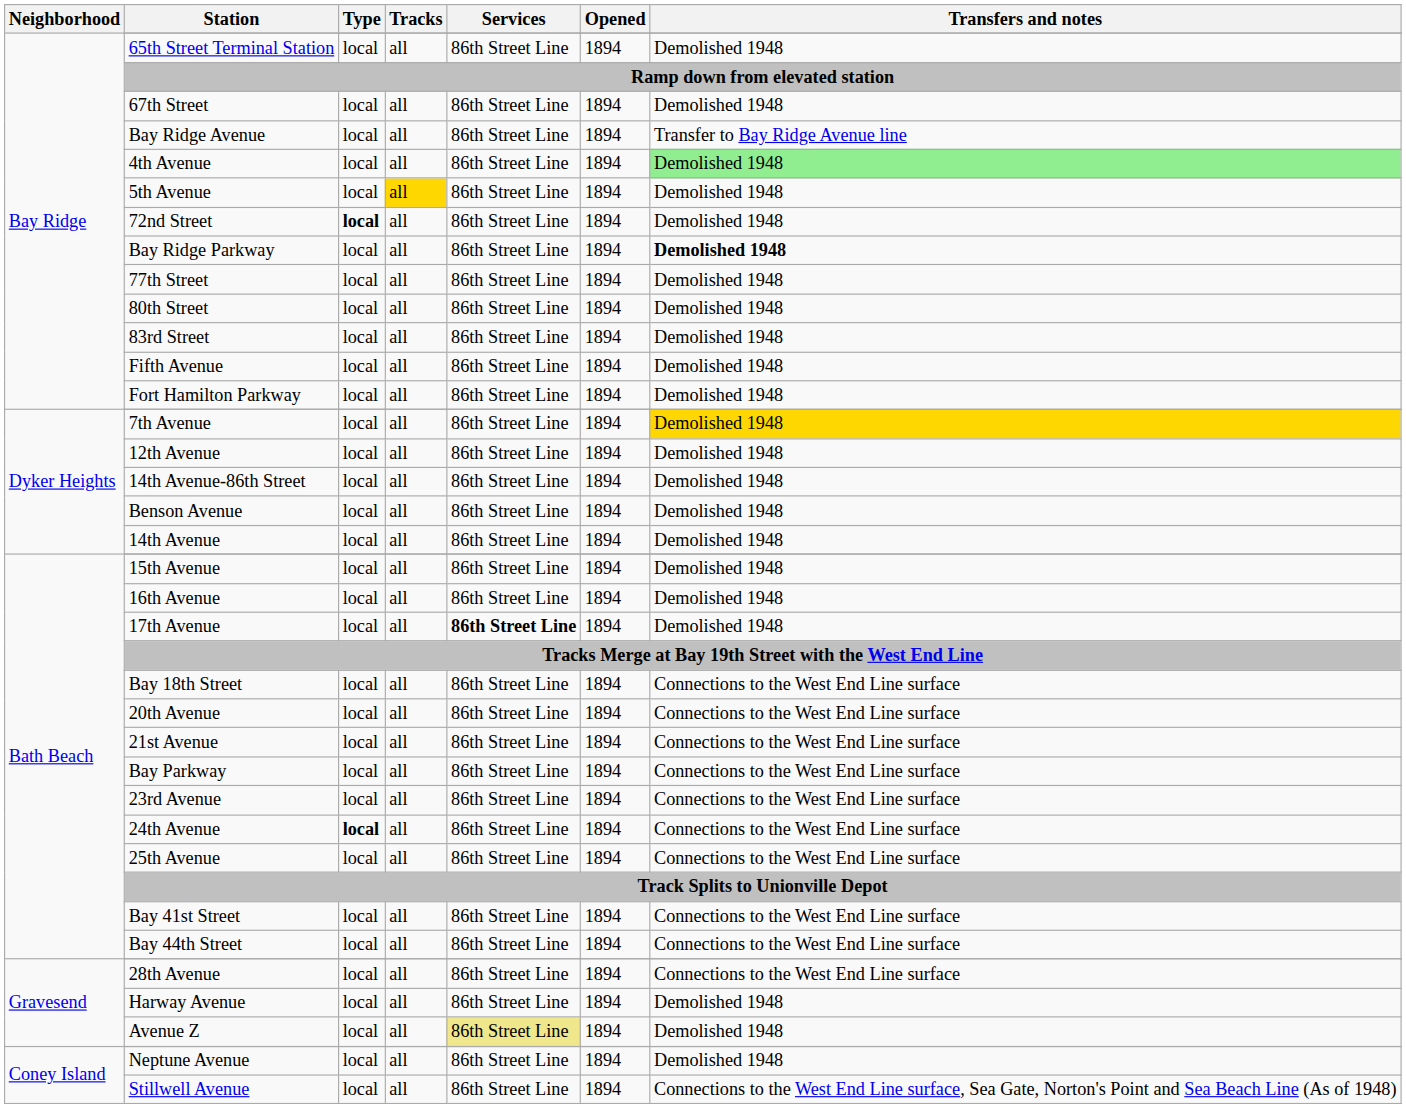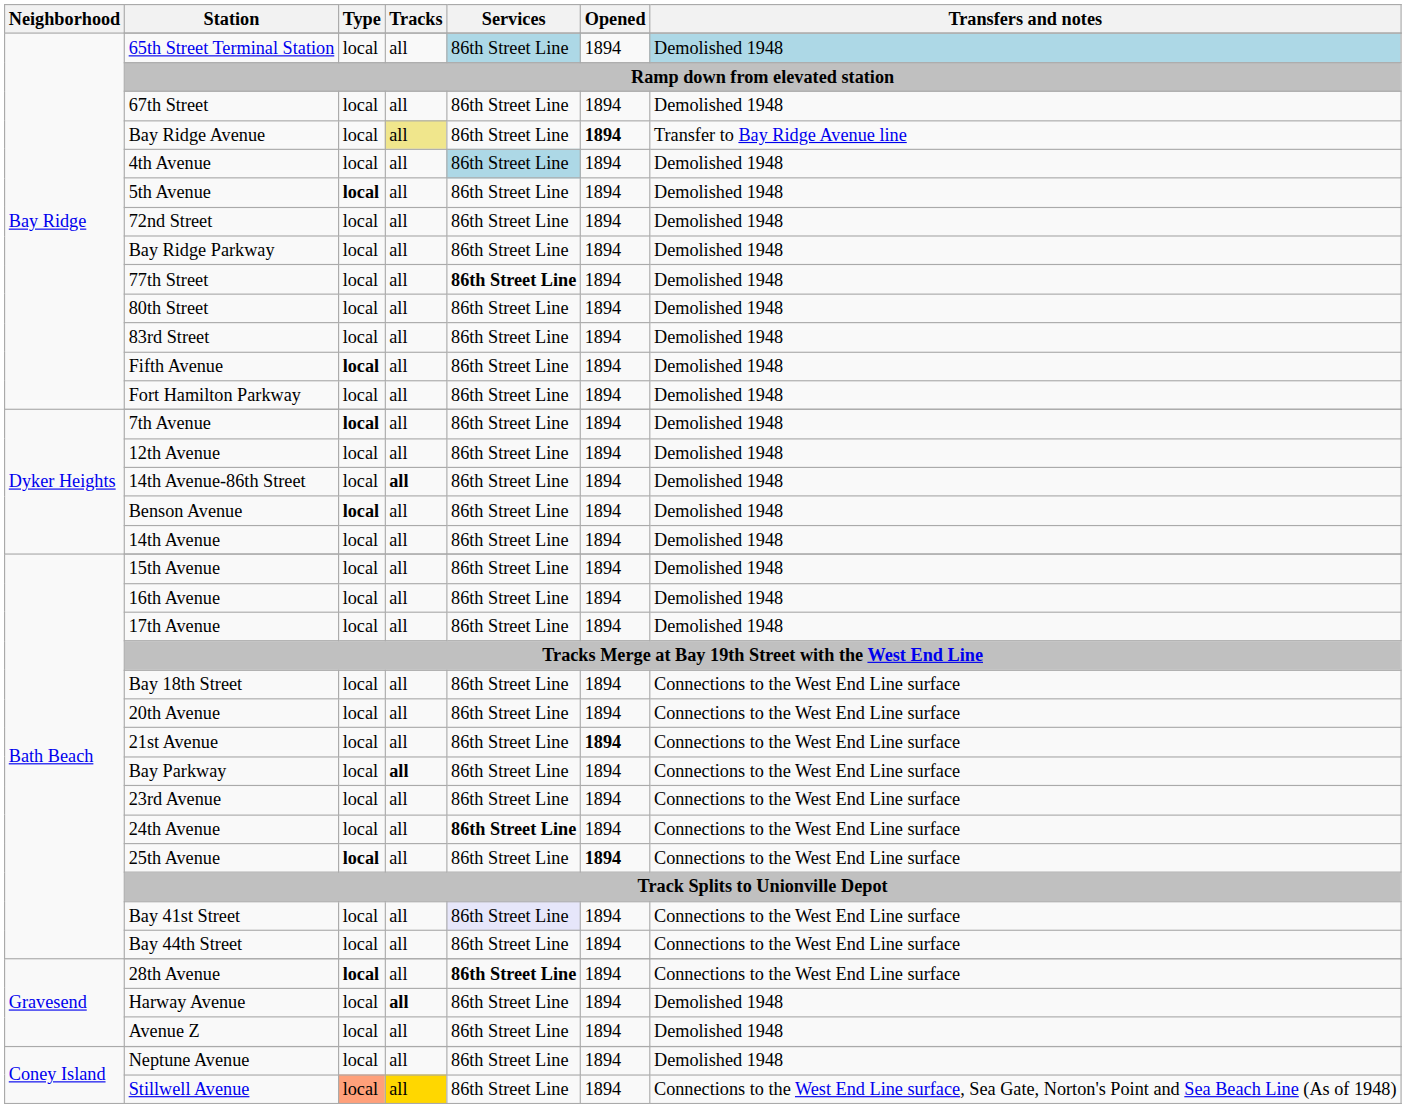 <table class="wikitable">
 <tr>
 <th>Neighborhood</th>
 <th>Station</th>
 <th>Type</th>
 <th>Tracks</th>
 <th>Services</th>
 <th>Opened</th>
 <th>Transfers and notes</th>
 </tr>
 <tr>
 <td rowspan=14><a href='#'>Bay Ridge</a></td>
 </tr>
 <tr>
 <td><a href='#'>65th Street Terminal Station</a></td>
 <td>local</td>
 <td>all</td>
-<td>86th Street Line</td>
+<td style="background: lightblue;">86th Street Line</td>
 <td>1894</td>
-<td>Demolished 1948</td>
+<td style="background: lightblue;">Demolished 1948</td>
 </tr>
 <tr>
 <th colspan=6 style="background-color: silver;">Ramp down from elevated station</th>
 </tr>
 <tr>
 <td>67th Street</td>
 <td>local</td>
 <td>all</td>
 <td>86th Street Line</td>
 <td>1894</td>
 <td>Demolished 1948</td>
 </tr>
 <tr>
 <td>Bay Ridge Avenue</td>
 <td>local</td>
-<td>all</td>
+<td style="background: khaki;">all</td>
 <td>86th Street Line</td>
-<td>1894</td>
+<td><strong>1894</strong></td>
 <td>Transfer to <a href='#'>Bay Ridge Avenue line</a></td>
 </tr>
 <tr>
 <td>4th Avenue</td>
 <td>local</td>
 <td>all</td>
-<td>86th Street Line</td>
+<td style="background: lightblue;">86th Street Line</td>
 <td>1894</td>
-<td style="background: lightgreen;">Demolished 1948</td>
+<td>Demolished 1948</td>
 </tr>
 <tr>
 <td>5th Avenue</td>
-<td>local</td>
-<td style="background: gold;">all</td>
+<td><strong>local</strong></td>
+<td>all</td>
 <td>86th Street Line</td>
 <td>1894</td>
 <td>Demolished 1948</td>
 </tr>
 <tr>
 <td>72nd Street</td>
-<td><strong>local</strong></td>
+<td>local</td>
 <td>all</td>
 <td>86th Street Line</td>
 <td>1894</td>
 <td>Demolished 1948</td>
 </tr>
 <tr>
 <td>Bay Ridge Parkway</td>
 <td>local</td>
 <td>all</td>
 <td>86th Street Line</td>
 <td>1894</td>
-<td><strong>Demolished 1948</strong></td>
+<td>Demolished 1948</td>
 </tr>
 <tr>
 <td>77th Street</td>
 <td>local</td>
 <td>all</td>
-<td>86th Street Line</td>
+<td><strong>86th Street Line</strong></td>
 <td>1894</td>
 <td>Demolished 1948</td>
 </tr>
 <tr>
 <td>80th Street</td>
 <td>local</td>
 <td>all</td>
 <td>86th Street Line</td>
 <td>1894</td>
 <td>Demolished 1948</td>
 </tr>
 <tr>
 <td>83rd Street</td>
 <td>local</td>
 <td>all</td>
 <td>86th Street Line</td>
 <td>1894</td>
 <td>Demolished 1948</td>
 </tr>
 <tr>
 <td>Fifth Avenue</td>
-<td>local</td>
+<td><strong>local</strong></td>
 <td>all</td>
 <td>86th Street Line</td>
 <td>1894</td>
 <td>Demolished 1948</td>
 </tr>
 <tr>
 <td>Fort Hamilton Parkway</td>
 <td>local</td>
 <td>all</td>
 <td>86th Street Line</td>
 <td>1894</td>
 <td>Demolished 1948</td>
 </tr>
 <tr>
 <td rowspan=6><a href='#'>Dyker Heights</a></td>
 </tr>
 <tr>
 <td>7th Avenue</td>
-<td>local</td>
+<td><strong>local</strong></td>
 <td>all</td>
 <td>86th Street Line</td>
 <td>1894</td>
-<td style="background: gold;">Demolished 1948</td>
+<td>Demolished 1948</td>
 </tr>
 <tr>
 <td>12th Avenue</td>
 <td>local</td>
 <td>all</td>
 <td>86th Street Line</td>
 <td>1894</td>
 <td>Demolished 1948</td>
 </tr>
 <tr>
 <td>14th Avenue-86th Street</td>
 <td>local</td>
-<td>all</td>
+<td><strong>all</strong></td>
 <td>86th Street Line</td>
 <td>1894</td>
 <td>Demolished 1948</td>
 </tr>
 <tr>
 <td>Benson Avenue</td>
-<td>local</td>
+<td><strong>local</strong></td>
 <td>all</td>
 <td>86th Street Line</td>
 <td>1894</td>
 <td>Demolished 1948</td>
 </tr>
 <tr>
 <td>14th Avenue</td>
 <td>local</td>
 <td>all</td>
 <td>86th Street Line</td>
 <td>1894</td>
 <td>Demolished 1948</td>
 </tr>
 <tr>
 <td rowspan=15><a href='#'>Bath Beach</a></td>
 </tr>
 <tr>
 <td>15th Avenue</td>
 <td>local</td>
 <td>all</td>
 <td>86th Street Line</td>
 <td>1894</td>
 <td>Demolished 1948</td>
 </tr>
 <tr>
 <td>16th Avenue</td>
 <td>local</td>
 <td>all</td>
 <td>86th Street Line</td>
 <td>1894</td>
 <td>Demolished 1948</td>
 </tr>
 <tr>
 <td>17th Avenue</td>
 <td>local</td>
 <td>all</td>
-<td><strong>86th Street Line</strong></td>
+<td>86th Street Line</td>
 <td>1894</td>
 <td>Demolished 1948</td>
 </tr>
 <tr>
 <th colspan=6 style="background-color: silver;">Tracks Merge at Bay 19th Street with the <a href='#'>West End Line</a></th>
 </tr>
 <tr>
 <td>Bay 18th Street</td>
 <td>local</td>
 <td>all</td>
 <td>86th Street Line</td>
 <td>1894</td>
 <td>Connections to the West End Line surface </td>
 </tr>
 <tr>
 <td>20th Avenue</td>
 <td>local</td>
 <td>all</td>
 <td>86th Street Line</td>
 <td>1894</td>
 <td>Connections to the West End Line surface</td>
 </tr>
 <tr>
 <td>21st Avenue</td>
 <td>local</td>
 <td>all</td>
 <td>86th Street Line</td>
-<td>1894</td>
+<td><strong>1894</strong></td>
 <td>Connections to the West End Line surface</td>
 </tr>
 <tr>
 <td>Bay Parkway</td>
 <td>local</td>
-<td>all</td>
+<td><strong>all</strong></td>
 <td>86th Street Line</td>
 <td>1894</td>
 <td>Connections to the West End Line surface</td>
 </tr>
 <tr>
 <td>23rd Avenue</td>
 <td>local</td>
 <td>all</td>
 <td>86th Street Line</td>
 <td>1894</td>
 <td>Connections to the West End Line surface</td>
 </tr>
 <tr>
 <td>24th Avenue</td>
-<td><strong>local</strong></td>
+<td>local</td>
 <td>all</td>
-<td>86th Street Line</td>
+<td><strong>86th Street Line</strong></td>
 <td>1894</td>
 <td>Connections to the West End Line surface</td>
 </tr>
 <tr>
 <td>25th Avenue</td>
-<td>local</td>
+<td><strong>local</strong></td>
 <td>all</td>
 <td>86th Street Line</td>
-<td>1894</td>
+<td><strong>1894</strong></td>
 <td>Connections to the West End Line surface</td>
 </tr>
 <tr>
 <th colspan=6 style="background-color: silver;">Track Splits to Unionville Depot</th>
 </tr>
 <tr>
 <td>Bay 41st Street</td>
 <td>local</td>
 <td>all</td>
-<td>86th Street Line</td>
+<td style="background: lavender;">86th Street Line</td>
 <td>1894</td>
 <td>Connections to the West End Line surface</td>
 </tr>
 <tr>
 <td>Bay 44th Street</td>
 <td>local</td>
 <td>all</td>
 <td>86th Street Line</td>
 <td>1894</td>
 <td>Connections to the West End Line surface</td>
 </tr>
 <tr>
 <td rowspan=4><a href='#'>Gravesend</a></td>
 </tr>
 <tr>
 <td>28th Avenue</td>
-<td>local</td>
+<td><strong>local</strong></td>
 <td>all</td>
-<td>86th Street Line</td>
+<td><strong>86th Street Line</strong></td>
 <td>1894</td>
 <td>Connections to the West End Line surface</td>
 </tr>
 <tr>
 <td>Harway Avenue</td>
 <td>local</td>
-<td>all</td>
+<td><strong>all</strong></td>
 <td>86th Street Line</td>
 <td>1894</td>
 <td>Demolished 1948</td>
 </tr>
 <tr>
 <td>Avenue Z</td>
 <td>local</td>
 <td>all</td>
-<td style="background: khaki;">86th Street Line</td>
+<td>86th Street Line</td>
 <td>1894</td>
 <td>Demolished 1948</td>
 </tr>
 <tr>
 <td rowspan=3><a href='#'>Coney Island</a></td>
 </tr>
 <tr>
 <td>Neptune Avenue</td>
 <td>local</td>
 <td>all</td>
 <td>86th Street Line</td>
 <td>1894</td>
 <td>Demolished 1948</td>
 </tr>
 <tr>
 <td><a href='#'>Stillwell Avenue</a></td>
-<td>local</td>
-<td>all</td>
+<td style="background: lightsalmon;">local</td>
+<td style="background: gold;">all</td>
 <td>86th Street Line</td>
 <td>1894</td>
 <td>Connections to the <a href='#'>West End Line surface</a>, Sea Gate, Norton's Point and <a href='#'>Sea Beach Line</a> (As of 1948)</td>
 </tr>
 <tr>
 </tr>
 </table>
